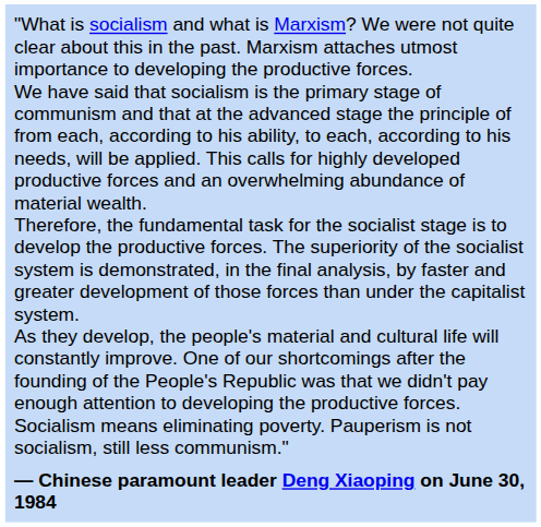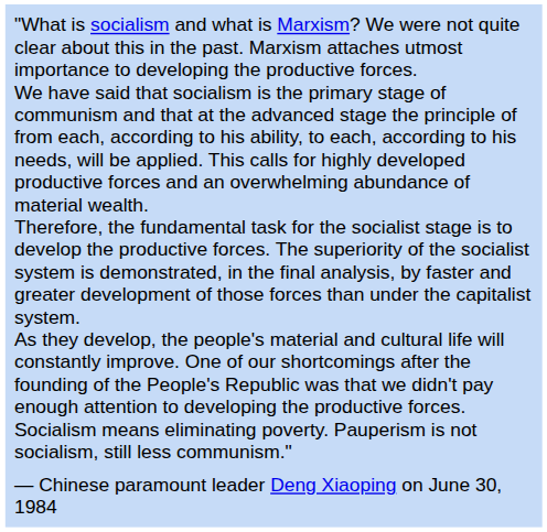 <table class="toccolours" style="float: right; margin-left: 1em; margin-right: 2em; font-size: 80%; background:#c6dbf7; color:black; width:28em; max-width: 40%;" cellspacing="5">
 <tr>
 <td style="text-align: left;">"What is <a href='#'>socialism</a> and what is <a href='#'>Marxism</a>? We were not quite clear about this in the past. Marxism attaches utmost importance to developing the productive forces.<br>We have said that socialism is the primary stage of communism and that at the advanced stage the principle of from each, according to his ability, to each, according to his needs, will be applied. This calls for highly developed productive forces and an overwhelming abundance of material wealth.<br>Therefore, the fundamental task for the socialist stage is to develop the productive forces. The superiority of the socialist system is demonstrated, in the final analysis, by faster and greater development of those forces than under the capitalist system.<br>As they develop, the people's material and cultural life will constantly improve. One of our shortcomings after the founding of the People's Republic was that we didn't pay enough attention to developing the productive forces. Socialism means eliminating poverty. Pauperism is not socialism, still less communism."</td>
 </tr>
 <tr>
-<td style="text-align: left;"><strong>— Chinese paramount leader <a href='#'>Deng Xiaoping</a> on June 30, 1984</strong></td>
+<td style="text-align: left;">— Chinese paramount leader <a href='#'>Deng Xiaoping</a> on June 30, 1984</td>
 </tr>
 </table>
